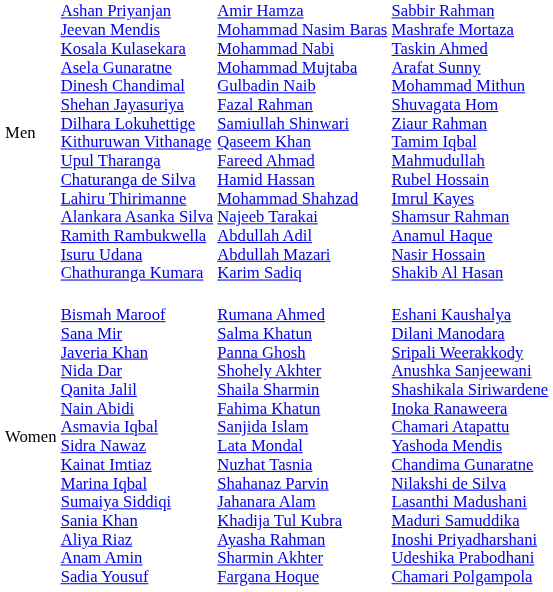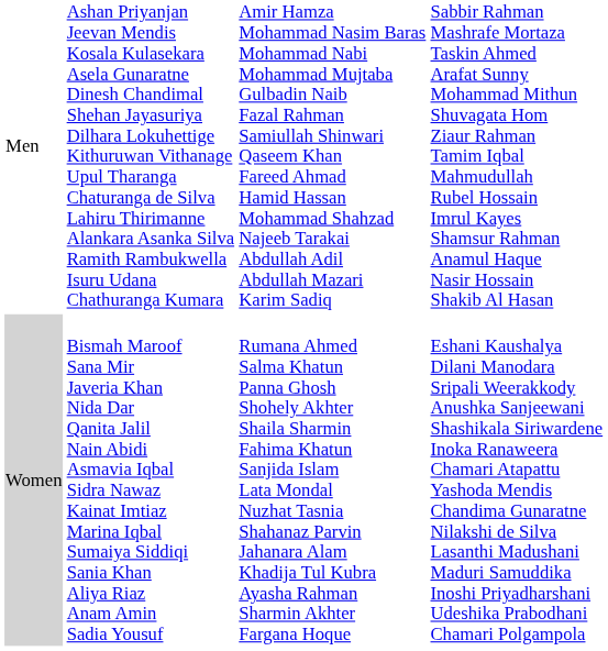 <table>
 <tr>
 <td>Men<br></td>
 <td><br><a href='#'>Ashan Priyanjan</a><br><a href='#'>Jeevan Mendis</a><br><a href='#'>Kosala Kulasekara</a><br><a href='#'>Asela Gunaratne</a><br><a href='#'>Dinesh Chandimal</a><br><a href='#'>Shehan Jayasuriya</a><br><a href='#'>Dilhara Lokuhettige</a><br><a href='#'>Kithuruwan Vithanage</a><br><a href='#'>Upul Tharanga</a><br><a href='#'>Chaturanga de Silva</a><br><a href='#'>Lahiru Thirimanne</a><br><a href='#'>Alankara Asanka Silva</a><br><a href='#'>Ramith Rambukwella</a><br><a href='#'>Isuru Udana</a><br><a href='#'>Chathuranga Kumara</a></td>
 <td><br><a href='#'>Amir Hamza</a><br><a href='#'>Mohammad Nasim Baras</a><br><a href='#'>Mohammad Nabi</a><br><a href='#'>Mohammad Mujtaba</a><br><a href='#'>Gulbadin Naib</a><br><a href='#'>Fazal Rahman</a><br><a href='#'>Samiullah Shinwari</a><br><a href='#'>Qaseem Khan</a><br><a href='#'>Fareed Ahmad</a><br><a href='#'>Hamid Hassan</a><br><a href='#'>Mohammad Shahzad</a><br><a href='#'>Najeeb Tarakai</a><br><a href='#'>Abdullah Adil</a><br><a href='#'>Abdullah Mazari</a><br><a href='#'>Karim Sadiq</a></td>
 <td><br><a href='#'>Sabbir Rahman</a><br><a href='#'>Mashrafe Mortaza</a><br><a href='#'>Taskin Ahmed</a><br><a href='#'>Arafat Sunny</a><br><a href='#'>Mohammad Mithun</a><br><a href='#'>Shuvagata Hom</a><br><a href='#'>Ziaur Rahman</a><br><a href='#'>Tamim Iqbal</a><br><a href='#'>Mahmudullah</a><br><a href='#'>Rubel Hossain</a><br><a href='#'>Imrul Kayes</a><br><a href='#'>Shamsur Rahman</a><br><a href='#'>Anamul Haque</a><br><a href='#'>Nasir Hossain</a><br><a href='#'>Shakib Al Hasan</a></td>
 </tr>
 <tr>
-<td>Women<br></td>
+<td style="background: lightgrey;">Women<br></td>
 <td><br><a href='#'>Bismah Maroof</a><br><a href='#'>Sana Mir</a><br><a href='#'>Javeria Khan</a><br><a href='#'>Nida Dar</a><br><a href='#'>Qanita Jalil</a><br><a href='#'>Nain Abidi</a><br><a href='#'>Asmavia Iqbal</a><br><a href='#'>Sidra Nawaz</a><br><a href='#'>Kainat Imtiaz</a><br><a href='#'>Marina Iqbal</a><br><a href='#'>Sumaiya Siddiqi</a><br><a href='#'>Sania Khan</a><br><a href='#'>Aliya Riaz</a><br><a href='#'>Anam Amin</a><br><a href='#'>Sadia Yousuf</a></td>
 <td><br><a href='#'>Rumana Ahmed</a><br><a href='#'>Salma Khatun</a><br><a href='#'>Panna Ghosh</a><br><a href='#'>Shohely Akhter</a><br><a href='#'>Shaila Sharmin</a><br><a href='#'>Fahima Khatun</a><br><a href='#'>Sanjida Islam</a><br><a href='#'>Lata Mondal</a><br><a href='#'>Nuzhat Tasnia</a><br><a href='#'>Shahanaz Parvin</a><br><a href='#'>Jahanara Alam</a><br><a href='#'>Khadija Tul Kubra</a><br><a href='#'>Ayasha Rahman</a><br><a href='#'>Sharmin Akhter</a><br><a href='#'>Fargana Hoque</a></td>
 <td><br><a href='#'>Eshani Kaushalya</a><br><a href='#'>Dilani Manodara</a><br><a href='#'>Sripali Weerakkody</a><br><a href='#'>Anushka Sanjeewani</a><br><a href='#'>Shashikala Siriwardene</a><br><a href='#'>Inoka Ranaweera</a><br><a href='#'>Chamari Atapattu</a><br><a href='#'>Yashoda Mendis</a><br><a href='#'>Chandima Gunaratne</a><br><a href='#'>Nilakshi de Silva</a><br><a href='#'>Lasanthi Madushani</a><br><a href='#'>Maduri Samuddika</a><br><a href='#'>Inoshi Priyadharshani</a><br><a href='#'>Udeshika Prabodhani</a><br><a href='#'>Chamari Polgampola</a></td>
 </tr>
 </table>
